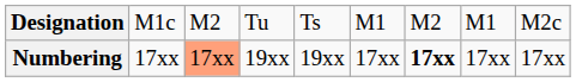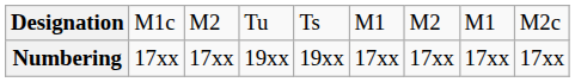 <table class="wikitable">
 <tr>
 <th>Designation</th>
 <td>M1c</td>
 <td>M2</td>
 <td>Tu</td>
 <td>Ts</td>
 <td>M1</td>
 <td>M2</td>
 <td>M1</td>
 <td>M2c</td>
 </tr>
 <tr>
 <th>Numbering</th>
 <td>17xx</td>
-<td style="background: lightsalmon;">17xx</td>
+<td>17xx</td>
 <td>19xx</td>
 <td>19xx</td>
 <td>17xx</td>
-<td><strong>17xx</strong></td>
+<td>17xx</td>
 <td>17xx</td>
 <td>17xx</td>
 </tr>
 </table>
